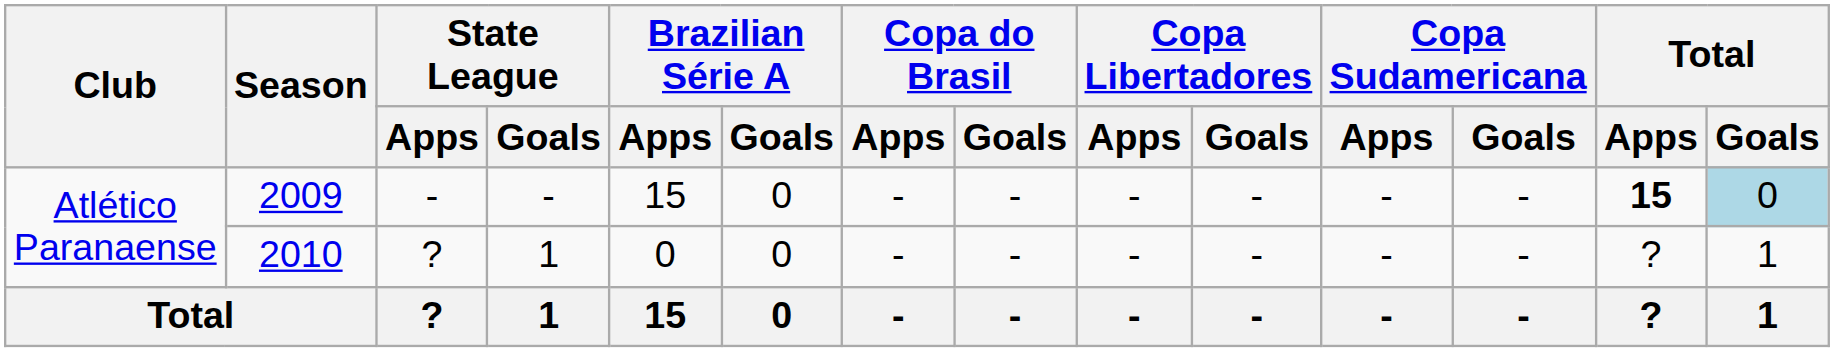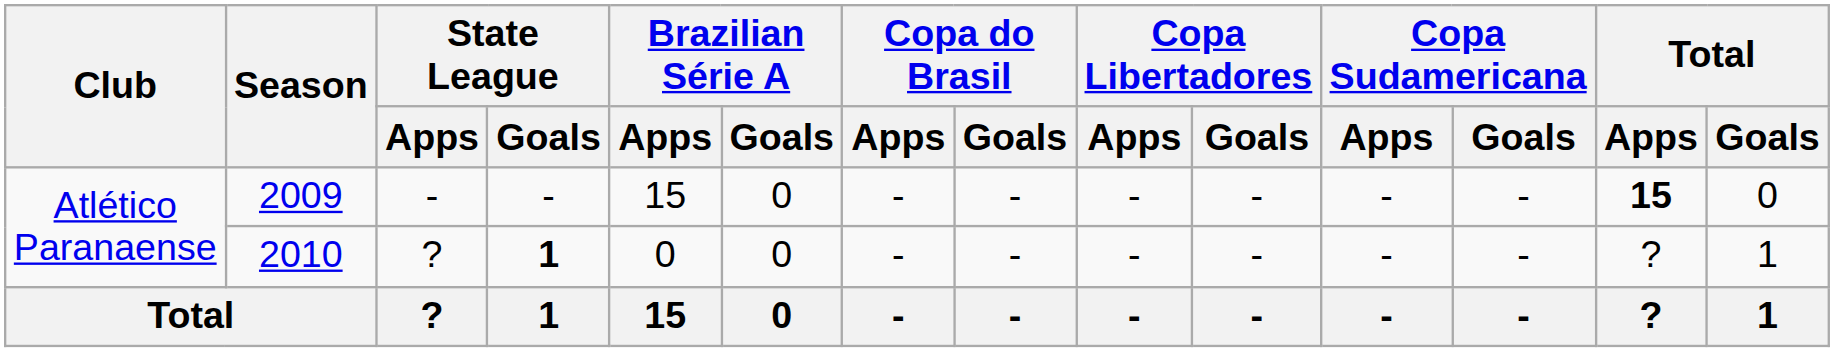 <table class="wikitable" style="text-align: center;">
 <tr>
 <th rowspan="2">Club</th>
 <th rowspan="2">Season</th>
 <th colspan="2">State League</th>
 <th colspan="2"><a href='#'>Brazilian Série A</a></th>
 <th colspan="2"><a href='#'>Copa do Brasil</a></th>
 <th colspan="2"><a href='#'>Copa Libertadores</a></th>
 <th colspan="2"><a href='#'>Copa Sudamericana</a></th>
 <th colspan="2">Total</th>
 </tr>
 <tr>
 <th>Apps</th>
 <th>Goals</th>
 <th>Apps</th>
 <th>Goals</th>
 <th>Apps</th>
 <th>Goals</th>
 <th>Apps</th>
 <th>Goals</th>
 <th>Apps</th>
 <th>Goals</th>
 <th>Apps</th>
 <th>Goals</th>
 </tr>
 <tr>
 <td rowspan="2" valign="center"><a href='#'>Atlético Paranaense</a></td>
 <td><a href='#'>2009</a></td>
 <td>-</td>
 <td>-</td>
 <td>15</td>
 <td>0</td>
 <td>-</td>
 <td>-</td>
 <td>-</td>
 <td>-</td>
 <td>-</td>
 <td>-</td>
 <td><strong>15</strong></td>
-<td style="background: lightblue;">0</td>
+<td>0</td>
 </tr>
 <tr>
 <td><a href='#'>2010</a></td>
 <td>?</td>
-<td>1</td>
+<td><strong>1</strong></td>
 <td>0</td>
 <td>0</td>
 <td>-</td>
 <td>-</td>
 <td>-</td>
 <td>-</td>
 <td>-</td>
 <td>-</td>
 <td>?</td>
 <td>1</td>
 </tr>
 <tr>
 <th colspan="2"><strong>Total</strong></th>
 <th>?</th>
 <th>1</th>
 <th>15</th>
 <th>0</th>
 <th>-</th>
 <th>-</th>
 <th>-</th>
 <th>-</th>
 <th>-</th>
 <th>-</th>
 <th>?</th>
 <th>1</th>
 </tr>
 </table>
